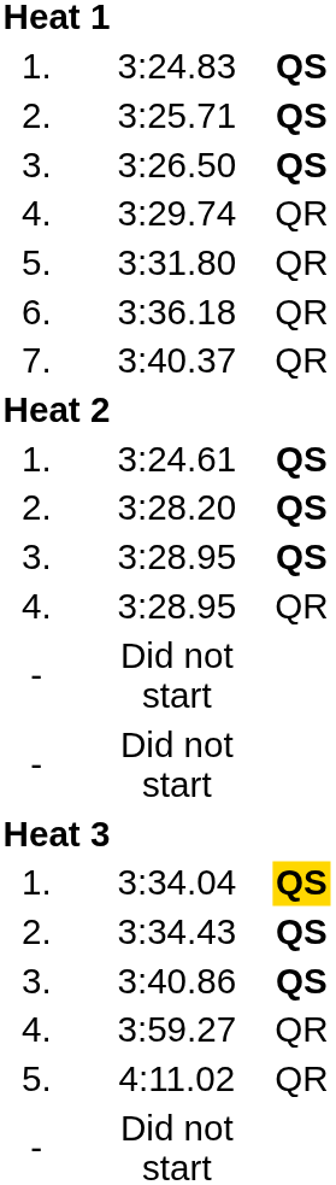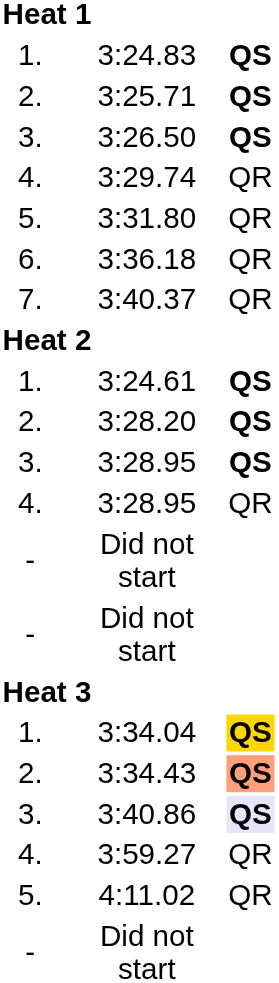 <table style="text-align:center">
 <tr>
 <td colspan=4 align=left><strong>Heat 1</strong></td>
 </tr>
 <tr>
 <td width=30>1.</td>
 <td align=left></td>
 <td width=80>3:24.83</td>
 <td><strong>QS</strong></td>
 </tr>
 <tr>
 <td>2.</td>
 <td align=left></td>
 <td>3:25.71</td>
 <td><strong>QS</strong></td>
 </tr>
 <tr>
 <td>3.</td>
 <td align=left></td>
 <td>3:26.50</td>
 <td><strong>QS</strong></td>
 </tr>
 <tr>
 <td>4.</td>
 <td align=left></td>
 <td>3:29.74</td>
 <td>QR</td>
 </tr>
 <tr>
 <td>5.</td>
 <td align=left></td>
 <td>3:31.80</td>
 <td>QR</td>
 </tr>
 <tr>
 <td>6.</td>
 <td align=left></td>
 <td>3:36.18</td>
 <td>QR</td>
 </tr>
 <tr>
 <td>7.</td>
 <td align=left></td>
 <td>3:40.37</td>
 <td>QR</td>
 </tr>
 <tr>
 <td colspan=4 align=left><strong>Heat 2</strong></td>
 </tr>
 <tr>
 <td>1.</td>
 <td align=left></td>
 <td>3:24.61</td>
 <td><strong>QS</strong></td>
 </tr>
 <tr>
 <td>2.</td>
 <td align=left></td>
 <td>3:28.20</td>
 <td><strong>QS</strong></td>
 </tr>
 <tr>
 <td>3.</td>
 <td align=left></td>
 <td>3:28.95</td>
 <td><strong>QS</strong></td>
 </tr>
 <tr>
 <td>4.</td>
 <td align=left></td>
 <td>3:28.95</td>
 <td>QR</td>
 </tr>
 <tr>
 <td>-</td>
 <td align=left></td>
 <td>Did not start</td>
 <td></td>
 </tr>
 <tr>
 <td>-</td>
 <td align=left></td>
 <td>Did not start</td>
 <td></td>
 </tr>
 <tr>
 <td colspan=4 align=left><strong>Heat 3</strong></td>
 </tr>
 <tr>
 <td>1.</td>
 <td align=left></td>
 <td>3:34.04</td>
 <td style="background: gold;"><strong>QS</strong></td>
 </tr>
 <tr>
 <td>2.</td>
 <td align=left></td>
 <td>3:34.43</td>
-<td><strong>QS</strong></td>
+<td style="background: lightsalmon;"><strong>QS</strong></td>
 </tr>
 <tr>
 <td>3.</td>
 <td align=left></td>
 <td>3:40.86</td>
-<td><strong>QS</strong></td>
+<td style="background: lavender;"><strong>QS</strong></td>
 </tr>
 <tr>
 <td>4.</td>
 <td align=left></td>
 <td>3:59.27</td>
 <td>QR</td>
 </tr>
 <tr>
 <td>5.</td>
 <td align=left></td>
 <td>4:11.02</td>
 <td>QR</td>
 </tr>
 <tr>
 <td>-</td>
 <td align=left></td>
 <td>Did not start</td>
 <td></td>
 </tr>
 </table>
